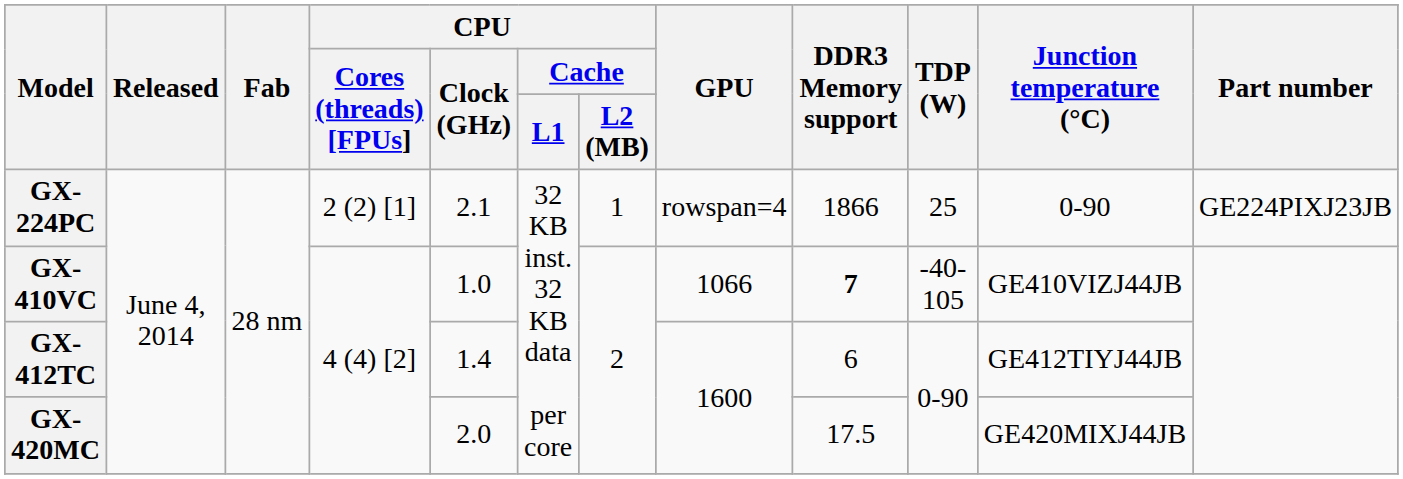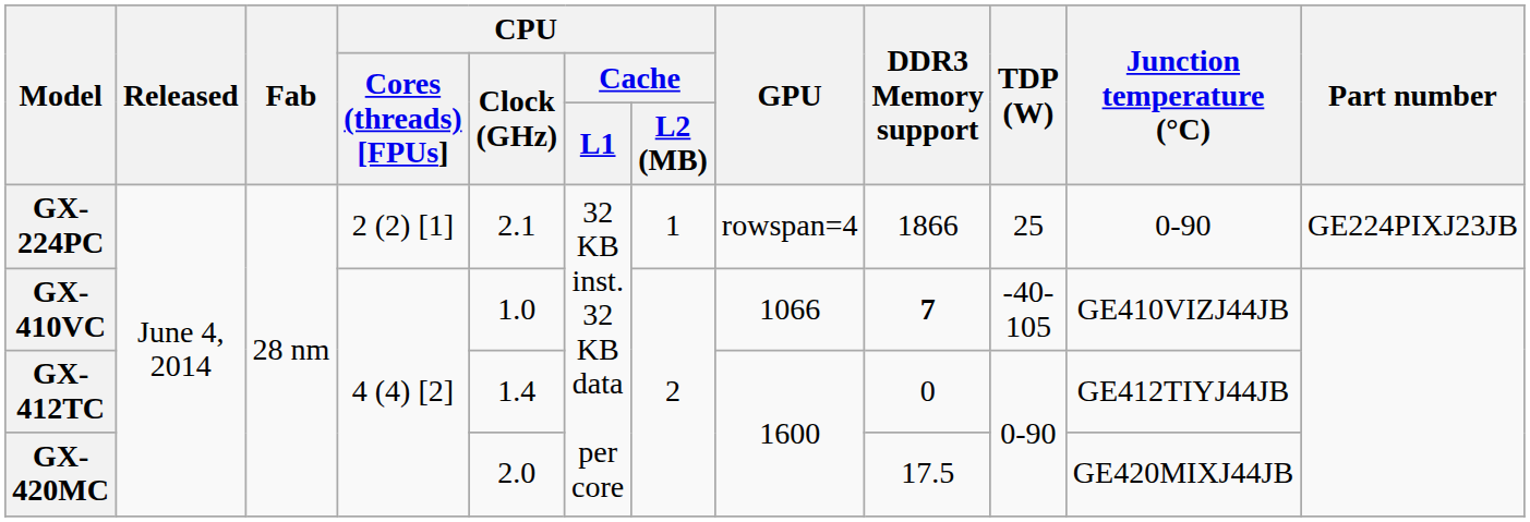 <table class="wikitable sortable sort-under" style="text-align: center">
 <tr>
 <th rowspan=3>Model</th>
 <th rowspan=3>Released</th>
 <th rowspan=3>Fab</th>
 <th colspan="4">CPU</th>
 <th rowspan="3">GPU</th>
 <th rowspan=3>DDR3<br>Memory<br>support</th>
 <th rowspan=3>TDP<br>(W)</th>
 <th rowspan=3><a href='#'>Junction</a><br><a href='#'>temperature</a><br>(°C)</th>
 <th rowspan=3>Part number</th>
 </tr>
 <tr>
 <th rowspan=2><a href='#'>Cores</a><br><a href='#'>(threads)</a><br><a href='#'>[FPUs</a>]</th>
 <th rowspan=2>Clock<br>(GHz)</th>
 <th colspan="2"><a href='#'>Cache</a></th>
 </tr>
 <tr>
 <th><a href='#'>L1</a></th>
 <th><a href='#'>L2</a><br>(MB)</th>
 </tr>
 <tr>
 <th>GX-224PC</th>
 <td rowspan=4>June 4, 2014</td>
 <td rowspan=4>28 nm</td>
 <td>2 (2) [1]</td>
 <td>2.1</td>
 <td rowspan=4>32 KB inst.<br>32 KB data<br><br>per core</td>
 <td>1</td>
 <td>rowspan=4 </td>
 <td>1866</td>
 <td>25</td>
 <td>0-90</td>
 <td>GE224PIXJ23JB</td>
 </tr>
 <tr>
 <th>GX-410VC</th>
 <td rowspan=3>4 (4) [2]</td>
 <td>1.0</td>
 <td rowspan=3>2</td>
 <td>1066</td>
 <td><strong>7</strong></td>
 <td>-40-105</td>
 <td>GE410VIZJ44JB</td>
 </tr>
 <tr>
 <th>GX-412TC</th>
 <td>1.4</td>
 <td rowspan=2>1600</td>
-<td>6</td>
+<td>0</td>
 <td rowspan=2>0-90</td>
 <td>GE412TIYJ44JB</td>
 </tr>
 <tr>
 <th>GX-420MC</th>
 <td>2.0</td>
 <td>17.5</td>
 <td>GE420MIXJ44JB</td>
 </tr>
 </table>
